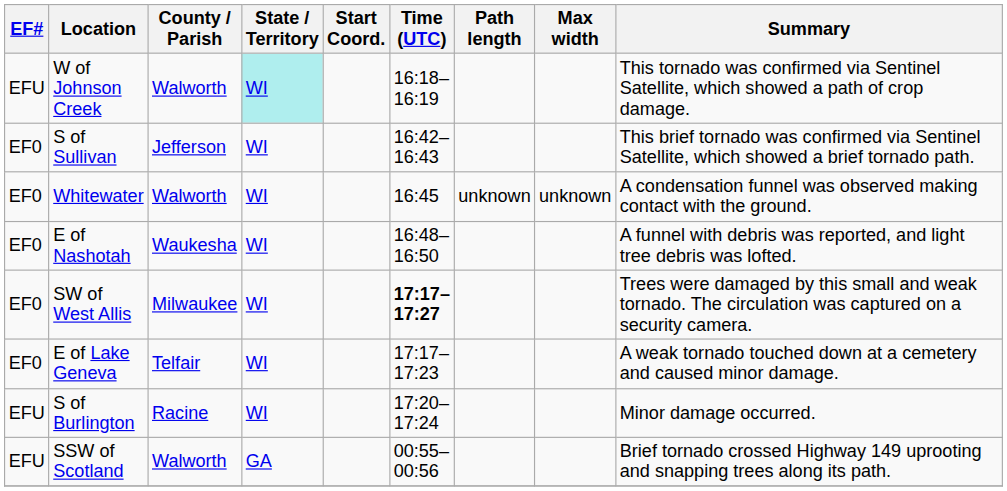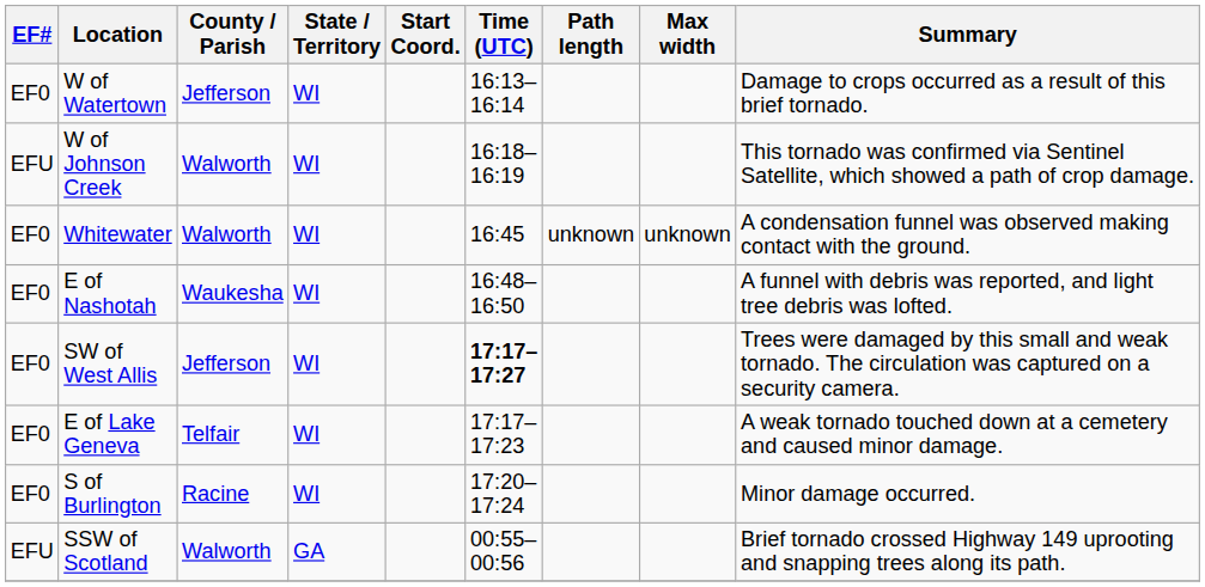 <table class="wikitable sortable" style="width:100%;">
 <tr>
 <th scope="col"  style="width:3%; text-align:center;"><a href='#'>EF#</a></th>
 <th scope="col"  style="width:7%; text-align:center;" class="unsortable">Location</th>
 <th scope="col"  style="width:6%; text-align:center;" class="unsortable">County / Parish</th>
 <th scope="col"  style="width:5%; text-align:center;">State / Territory</th>
 <th scope="col"  style="width:6%; text-align:center;">Start Coord.</th>
 <th scope="col"  style="width:6%; text-align:center;">Time (<a href='#'>UTC</a>)</th>
 <th scope="col"  style="width:6%; text-align:center;">Path length</th>
 <th scope="col"  style="width:6%; text-align:center;">Max width</th>
 <th scope="col" class="unsortable" style="width:48%; text-align:center;">Summary</th>
 </tr>
 <tr>
+<td>EF0</td>
+<td>W of <a href='#'>Watertown</a></td>
+<td><a href='#'>Jefferson</a></td>
+<td><a href='#'>WI</a></td>
+<td></td>
+<td>16:13–16:14</td>
+<td></td>
+<td></td>
+<td>Damage to crops occurred as a result of this brief tornado.</td>
+</tr>
+<tr>
 <td>EFU</td>
 <td>W of <a href='#'>Johnson Creek</a></td>
 <td><a href='#'>Walworth</a></td>
-<td style="background: paleturquoise;"><a href='#'>WI</a></td>
+<td><a href='#'>WI</a></td>
 <td></td>
 <td>16:18–16:19</td>
 <td></td>
 <td></td>
 <td>This tornado was confirmed via Sentinel Satellite, which showed a path of crop damage.</td>
-</tr>
-<tr>
-<td>EF0</td>
-<td>S of <a href='#'>Sullivan</a></td>
-<td><a href='#'>Jefferson</a></td>
-<td><a href='#'>WI</a></td>
-<td></td>
-<td>16:42–16:43</td>
-<td></td>
-<td></td>
-<td>This brief tornado was confirmed via Sentinel Satellite, which showed a brief tornado path.</td>
 </tr>
 <tr>
 <td>EF0</td>
 <td><a href='#'>Whitewater</a></td>
 <td><a href='#'>Walworth</a></td>
 <td><a href='#'>WI</a></td>
 <td></td>
 <td>16:45</td>
 <td>unknown</td>
 <td>unknown</td>
 <td>A condensation funnel was observed making contact with the ground.</td>
 </tr>
 <tr>
 <td>EF0</td>
 <td>E of <a href='#'>Nashotah</a></td>
 <td><a href='#'>Waukesha</a></td>
 <td><a href='#'>WI</a></td>
 <td></td>
 <td>16:48–16:50</td>
 <td></td>
 <td></td>
 <td>A funnel with debris was reported, and light tree debris was lofted.</td>
 </tr>
 <tr>
 <td>EF0</td>
 <td>SW of <a href='#'>West Allis</a></td>
-<td><a href='#'>Milwaukee</a></td>
+<td><a href='#'>Jefferson</a></td>
 <td><a href='#'>WI</a></td>
 <td></td>
 <td><strong>17:17–17:27</strong></td>
 <td></td>
 <td></td>
 <td>Trees were damaged by this small and weak tornado. The circulation was captured on a security camera.</td>
 </tr>
 <tr>
 <td>EF0</td>
 <td>E of <a href='#'>Lake Geneva</a></td>
 <td><a href='#'>Telfair</a></td>
 <td><a href='#'>WI</a></td>
 <td></td>
 <td>17:17–17:23</td>
 <td></td>
 <td></td>
 <td>A weak tornado touched down at a cemetery and caused minor damage.</td>
 </tr>
 <tr>
-<td>EFU</td>
+<td>EF0</td>
 <td>S of <a href='#'>Burlington</a></td>
 <td><a href='#'>Racine</a></td>
 <td><a href='#'>WI</a></td>
 <td></td>
 <td>17:20–17:24</td>
 <td></td>
 <td></td>
 <td>Minor damage occurred.</td>
 </tr>
 <tr>
 <td>EFU</td>
 <td>SSW of <a href='#'>Scotland</a></td>
 <td><a href='#'>Walworth</a></td>
 <td><a href='#'>GA</a></td>
 <td></td>
 <td>00:55–00:56</td>
 <td></td>
 <td></td>
 <td>Brief tornado crossed Highway 149 uprooting and snapping trees along its path.</td>
 </tr>
 <tr>
 </tr>
 </table>
